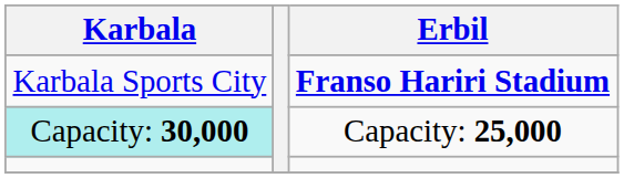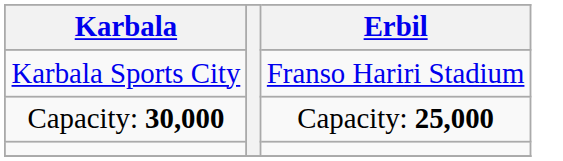 <table class="wikitable" style="text-align:center">
 <tr>
 <th><a href='#'>Karbala</a></th>
 <th rowspan="4"></th>
 <th><a href='#'>Erbil</a></th>
 </tr>
 <tr>
 <td><a href='#'>Karbala Sports City</a><br><strong></strong></td>
-<td><strong><a href='#'>Franso Hariri Stadium</a></strong></td>
+<td><a href='#'>Franso Hariri Stadium</a></td>
 </tr>
 <tr>
-<td style="background: paleturquoise;">Capacity: <strong>30,000</strong></td>
+<td>Capacity: <strong>30,000</strong></td>
 <td>Capacity: <strong>25,000</strong></td>
 </tr>
 <tr>
 <td></td>
 <td></td>
 </tr>
 <tr>
 </tr>
 </table>
